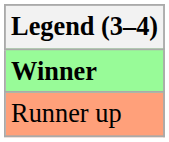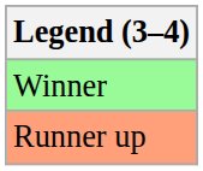 <table class="wikitable"  style="font-size:89%;">
 <tr>
 <th>Legend (3–4)</th>
 </tr>
 <tr bgcolor=#98fb98>
-<td><strong>Winner</strong></td>
+<td>Winner</td>
 </tr>
 <tr bgcolor=#ffa07a>
 <td>Runner up</td>
 </tr>
 </table>
